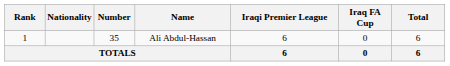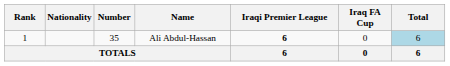 <table class="wikitable" style="font-size: 95%; text-align: center;">
 <tr>
 <th width=60>Rank</th>
 <th width=60>Nationality</th>
 <th width=60>Number</th>
 <th width=150>Name</th>
 <th width=170>Iraqi Premier League</th>
 <th width=80>Iraq FA Cup</th>
 <th width=80>Total</th>
 </tr>
 <tr>
 <td>1</td>
 <td></td>
 <td>35</td>
 <td>Ali Abdul-Hassan</td>
-<td>6</td>
+<td><strong>6</strong></td>
 <td>0</td>
-<td>6</td>
+<td style="background: lightblue;">6</td>
 </tr>
 <tr>
 <th colspan="4">TOTALS</th>
 <th>6</th>
 <th>0</th>
 <th>6</th>
 </tr>
 </table>
